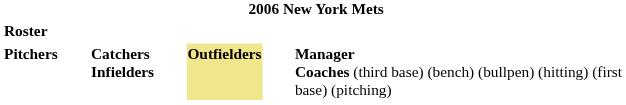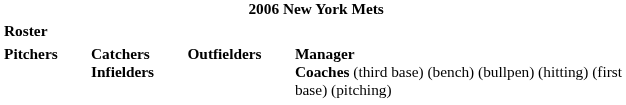 <table class="toccolours" style="font-size: 95%;">
 <tr>
 <th colspan="10">2006 New York Mets</th>
 </tr>
 <tr>
 <td colspan="10"><strong>Roster</strong></td>
 </tr>
 <tr>
 <td valign="top"><strong>Pitchers</strong><br>                          </td>
 <td width="25px"></td>
 <td valign="top"><strong>Catchers</strong><br>     <strong>Infielders</strong>        </td>
 <td width="25px"></td>
-<td valign="top" style="background: khaki;"><strong>Outfielders</strong><br>         </td>
+<td valign="top"><strong>Outfielders</strong><br>         </td>
 <td width="25px"></td>
 <td valign="top"><strong>Manager</strong><br> <strong>Coaches</strong>  (third base)  (bench)  (bullpen)  (hitting)  (first base)  (pitching)</td>
 </tr>
 </table>
